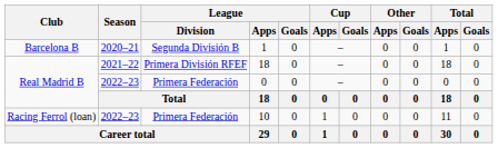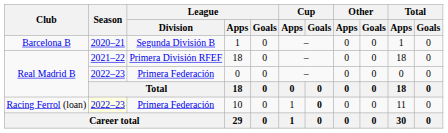 <table class="wikitable" style="text-align:center">
 <tr>
 <th rowspan=2>Club</th>
 <th rowspan=2>Season</th>
 <th colspan=3>League</th>
 <th colspan=2>Cup</th>
 <th colspan=2>Other</th>
 <th colspan=2>Total</th>
 </tr>
 <tr>
 <th>Division</th>
 <th>Apps</th>
 <th>Goals</th>
 <th>Apps</th>
 <th>Goals</th>
 <th>Apps</th>
 <th>Goals</th>
 <th>Apps</th>
 <th>Goals</th>
 </tr>
 <tr>
 <td><a href='#'>Barcelona B</a></td>
 <td><a href='#'>2020–21</a></td>
 <td><a href='#'>Segunda División B</a></td>
 <td>1</td>
 <td>0</td>
 <td colspan="2">–</td>
 <td>0</td>
 <td>0</td>
 <td>1</td>
 <td>0</td>
 </tr>
 <tr>
 <td rowspan="3"><a href='#'>Real Madrid B</a></td>
 <td><a href='#'>2021–22</a></td>
 <td><a href='#'>Primera División RFEF</a></td>
 <td>18</td>
 <td>0</td>
 <td colspan="2">–</td>
 <td>0</td>
 <td>0</td>
 <td>18</td>
 <td>0</td>
 </tr>
 <tr>
 <td><a href='#'>2022–23</a></td>
 <td><a href='#'>Primera Federación</a></td>
 <td>0</td>
 <td>0</td>
 <td colspan="2">–</td>
 <td>0</td>
 <td>0</td>
 <td>0</td>
 <td>0</td>
 </tr>
 <tr>
 <th colspan=2>Total</th>
 <th>18</th>
 <th>0</th>
 <th>0</th>
 <th>0</th>
 <th>0</th>
 <th>0</th>
 <th>18</th>
 <th>0</th>
 </tr>
 <tr>
 <td><a href='#'>Racing Ferrol</a> (loan)</td>
-<td><a href='#'>2022–23</a></td>
+<td style="background: lightyellow;"><a href='#'>2022–23</a></td>
 <td><a href='#'>Primera Federación</a></td>
 <td>10</td>
 <td>0</td>
 <td>1</td>
-<td>0</td>
+<td><strong>0</strong></td>
 <td>0</td>
 <td>0</td>
 <td>11</td>
 <td>0</td>
 </tr>
 <tr>
 <th colspan=3>Career total</th>
 <th>29</th>
 <th>0</th>
 <th>1</th>
 <th>0</th>
 <th>0</th>
 <th>0</th>
 <th>30</th>
 <th>0</th>
 </tr>
 </table>
